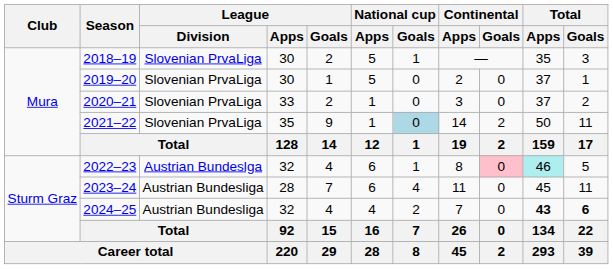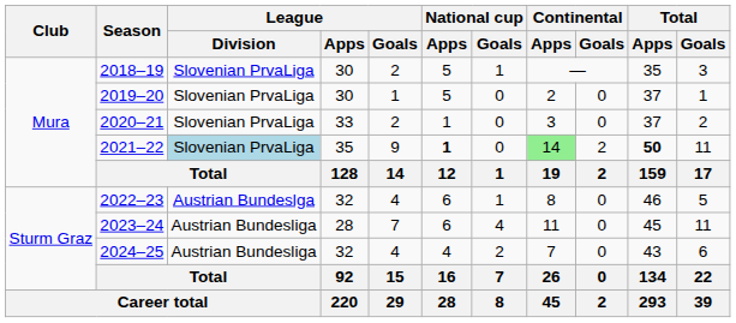 <table class="wikitable" style="text-align: center">
 <tr>
 <th rowspan="2">Club</th>
 <th rowspan="2">Season</th>
 <th colspan="3">League</th>
 <th colspan="2">National cup</th>
 <th colspan="2">Continental</th>
 <th colspan="2">Total</th>
 </tr>
 <tr>
 <th>Division</th>
 <th>Apps</th>
 <th>Goals</th>
 <th>Apps</th>
 <th>Goals</th>
 <th>Apps</th>
 <th>Goals</th>
 <th>Apps</th>
 <th>Goals</th>
 </tr>
 <tr>
 <td rowspan="5"><a href='#'>Mura</a></td>
 <td><a href='#'>2018–19</a></td>
 <td><a href='#'>Slovenian PrvaLiga</a></td>
 <td>30</td>
 <td>2</td>
 <td>5</td>
 <td>1</td>
 <td colspan="2">—</td>
 <td>35</td>
 <td>3</td>
 </tr>
 <tr>
 <td><a href='#'>2019–20</a></td>
 <td>Slovenian PrvaLiga</td>
 <td>30</td>
 <td>1</td>
 <td>5</td>
 <td>0</td>
 <td>2</td>
 <td>0</td>
 <td>37</td>
 <td>1</td>
 </tr>
 <tr>
 <td><a href='#'>2020–21</a></td>
 <td>Slovenian PrvaLiga</td>
 <td>33</td>
 <td>2</td>
 <td>1</td>
 <td>0</td>
 <td>3</td>
 <td>0</td>
 <td>37</td>
 <td>2</td>
 </tr>
 <tr>
 <td><a href='#'>2021–22</a></td>
-<td>Slovenian PrvaLiga</td>
+<td style="background: lightblue;">Slovenian PrvaLiga</td>
 <td>35</td>
 <td>9</td>
-<td>1</td>
-<td style="background: lightblue;">0</td>
-<td>14</td>
+<td><strong>1</strong></td>
+<td>0</td>
+<td style="background: lightgreen;">14</td>
 <td>2</td>
-<td>50</td>
+<td><strong>50</strong></td>
 <td>11</td>
 </tr>
 <tr>
 <th colspan="2">Total</th>
 <th>128</th>
 <th>14</th>
 <th>12</th>
 <th>1</th>
 <th>19</th>
 <th>2</th>
 <th>159</th>
 <th>17</th>
 </tr>
 <tr>
 <td rowspan="4"><a href='#'>Sturm Graz</a></td>
 <td><a href='#'>2022–23</a></td>
 <td><a href='#'>Austrian Bundeslga</a></td>
 <td>32</td>
 <td>4</td>
 <td>6</td>
 <td>1</td>
 <td>8</td>
-<td style="background: pink;">0</td>
-<td style="background: paleturquoise;">46</td>
+<td>0</td>
+<td>46</td>
 <td>5</td>
 </tr>
 <tr>
 <td><a href='#'>2023–24</a></td>
 <td>Austrian Bundesliga</td>
 <td>28</td>
 <td>7</td>
 <td>6</td>
 <td>4</td>
 <td>11</td>
 <td>0</td>
 <td>45</td>
 <td>11</td>
 </tr>
 <tr>
 <td><a href='#'>2024–25</a></td>
 <td>Austrian Bundesliga</td>
 <td>32</td>
 <td>4</td>
 <td>4</td>
 <td>2</td>
 <td>7</td>
 <td>0</td>
-<td><strong>43</strong></td>
-<td><strong>6</strong></td>
+<td>43</td>
+<td>6</td>
 </tr>
 <tr>
 <th colspan="2">Total</th>
 <th>92</th>
 <th>15</th>
 <th>16</th>
 <th>7</th>
 <th>26</th>
 <th>0</th>
 <th>134</th>
 <th>22</th>
 </tr>
 <tr>
 <th colspan="3">Career total</th>
 <th>220</th>
 <th>29</th>
 <th>28</th>
 <th>8</th>
 <th>45</th>
 <th>2</th>
 <th>293</th>
 <th>39</th>
 </tr>
 </table>
